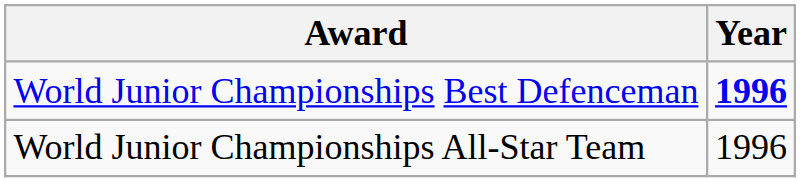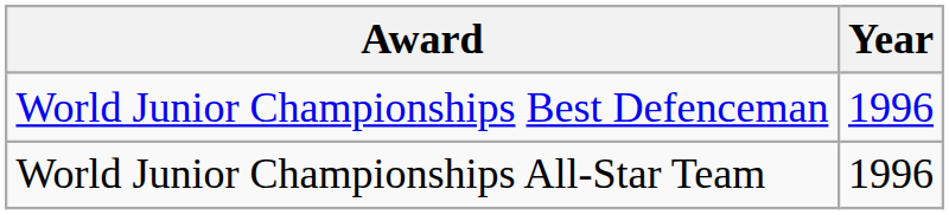 <table class="wikitable" border="1">
 <tr>
 <th>Award</th>
 <th>Year</th>
 </tr>
 <tr>
 <td><a href='#'>World Junior Championships</a> <a href='#'>Best Defenceman</a></td>
-<td><strong><a href='#'>1996</a></strong></td>
+<td><a href='#'>1996</a></td>
 </tr>
 <tr>
 <td>World Junior Championships All-Star Team</td>
 <td>1996</td>
 </tr>
 </table>
